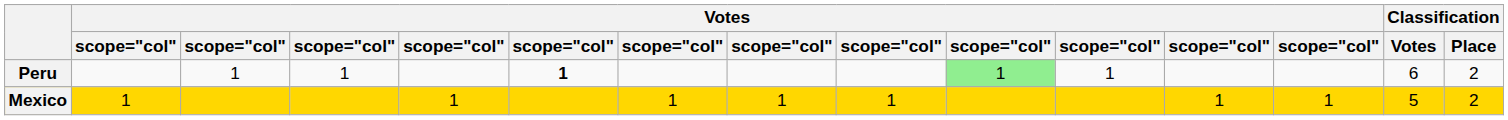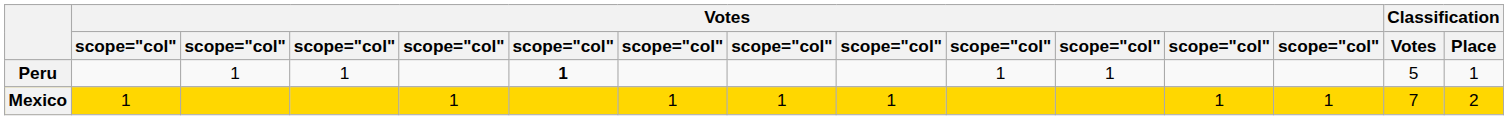 <table class="wikitable plainrowheaders" style="text-align: center;">
 <tr>
 <th rowspan="2"></th>
 <th colspan="12">Votes</th>
 <th colspan="2">Classification</th>
 </tr>
 <tr>
 <th>scope="col" </th>
 <th>scope="col" </th>
 <th>scope="col" </th>
 <th>scope="col" </th>
 <th>scope="col" </th>
 <th>scope="col" </th>
 <th>scope="col" </th>
 <th>scope="col" </th>
 <th>scope="col" </th>
 <th>scope="col" </th>
 <th>scope="col" </th>
 <th>scope="col" </th>
 <th>Votes</th>
 <th>Place</th>
 </tr>
 <tr>
 <th scope="row">Peru</th>
 <td></td>
 <td>1</td>
 <td>1</td>
 <td></td>
 <td><strong>1</strong></td>
 <td></td>
 <td></td>
 <td></td>
-<td style="background: lightgreen;">1</td>
+<td>1</td>
 <td>1</td>
 <td></td>
 <td></td>
-<td>6</td>
-<td>2</td>
+<td>5</td>
+<td>1</td>
 </tr>
 <tr bgcolor="gold">
 <th scope="row">Mexico</th>
 <td>1</td>
 <td></td>
 <td></td>
 <td>1</td>
 <td></td>
 <td>1</td>
 <td>1</td>
 <td>1</td>
 <td></td>
 <td></td>
 <td>1</td>
 <td>1</td>
-<td>5</td>
+<td>7</td>
 <td>2</td>
 </tr>
 </table>
